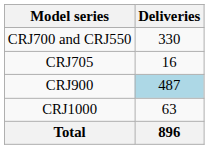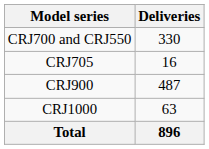 <table style="text-align: center;" class="wikitable">
 <tr style="background:#DDDD;">
 <th>Model series</th>
 <th>Deliveries</th>
 </tr>
 <tr>
 <td>CRJ700 and CRJ550</td>
 <td>330</td>
 </tr>
 <tr>
 <td>CRJ705</td>
 <td>16</td>
 </tr>
 <tr>
 <td>CRJ900</td>
-<td style="background: lightblue;">487</td>
+<td>487</td>
 </tr>
 <tr>
 <td>CRJ1000</td>
 <td>63</td>
 </tr>
 <tr>
 <th>Total</th>
 <th>896</th>
 </tr>
 </table>
